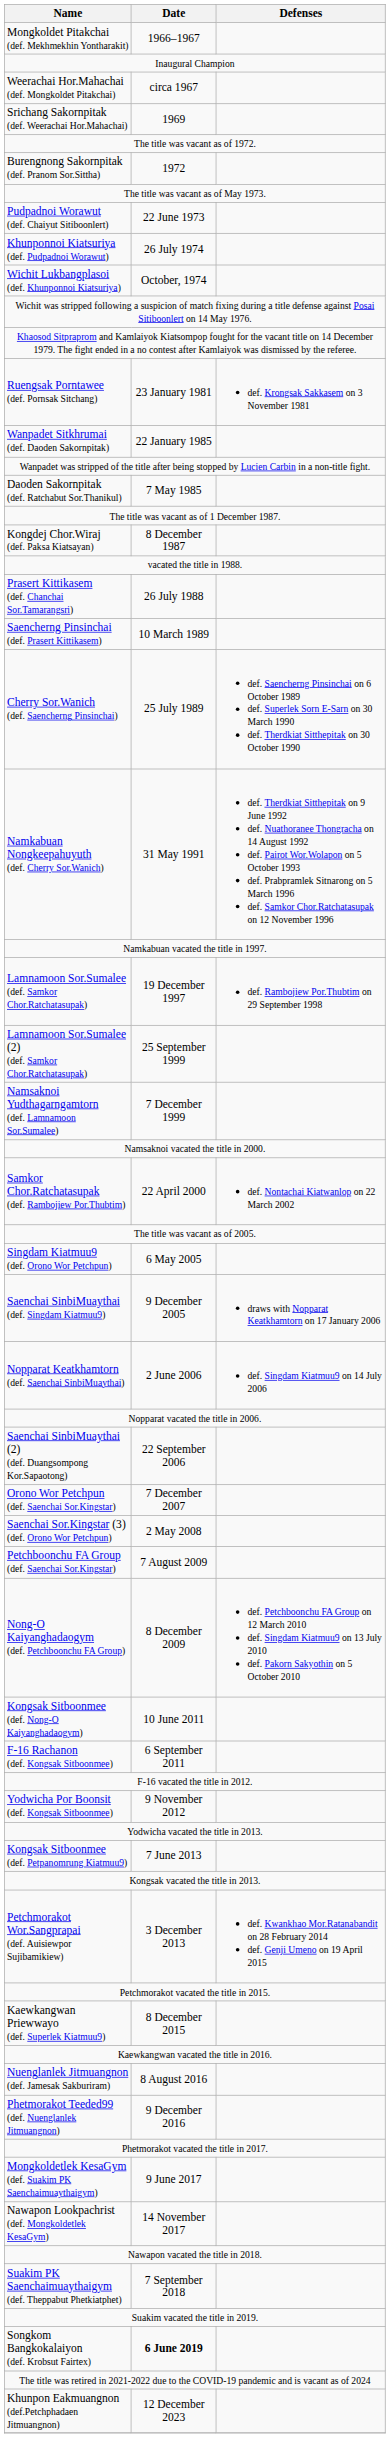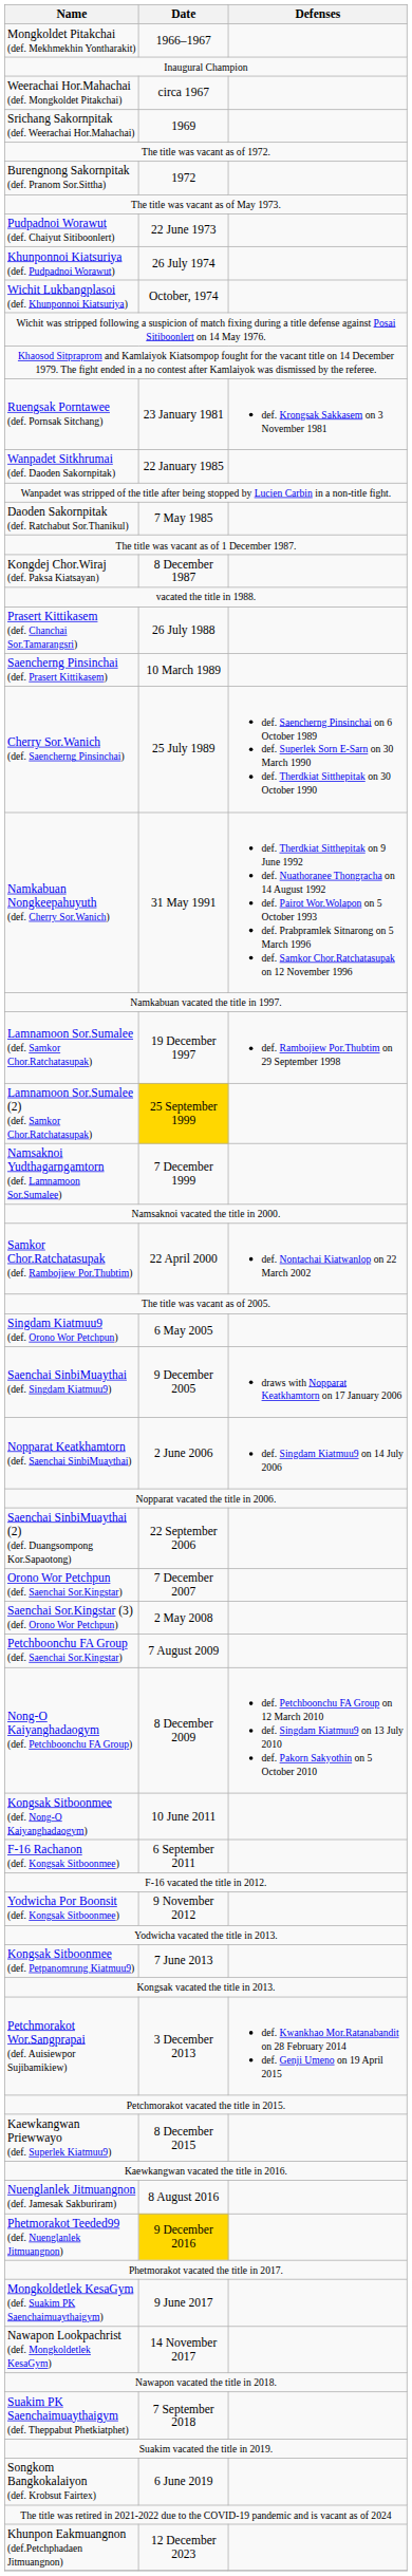 <table class="wikitable" width=60%>
 <tr>
 <th width=30%>Name</th>
 <th width=20%>Date</th>
 <th width=40%>Defenses</th>
 </tr>
 <tr>
 <td align=left> Mongkoldet Pitakchai <br><small>(def. Mekhmekhin Yontharakit)</small></td>
 <td align=center>1966–1967</td>
 <td></td>
 </tr>
 <tr>
 <td colspan=4 align=center><small>Inaugural Champion</small></td>
 </tr>
 <tr>
 <td align=left> Weerachai Hor.Mahachai <br><small>(def. Mongkoldet Pitakchai)</small></td>
 <td align=center>circa 1967</td>
 <td></td>
 </tr>
 <tr>
 <td align=left> Srichang Sakornpitak <br><small>(def. Weerachai Hor.Mahachai)</small></td>
 <td align=center>1969</td>
 <td></td>
 </tr>
 <tr>
 <td colspan=4 align=center><small>The title was vacant as of 1972.</small></td>
 </tr>
 <tr>
 <td align=left> Burengnong Sakornpitak <br><small>(def. Pranom Sor.Sittha)</small></td>
 <td align=center>1972</td>
 <td></td>
 </tr>
 <tr>
 <td colspan=4 align=center><small>The title was vacant as of May 1973.</small></td>
 </tr>
 <tr>
 <td align=left> <a href='#'>Pudpadnoi Worawut</a> <br><small>(def. Chaiyut Sitiboonlert)</small></td>
 <td align=center>22 June 1973</td>
 <td></td>
 </tr>
 <tr>
 <td align=left> <a href='#'>Khunponnoi Kiatsuriya</a> <br><small>(def. <a href='#'>Pudpadnoi Worawut</a>)</small></td>
 <td align=center>26 July 1974</td>
 <td></td>
 </tr>
 <tr>
 <td align=left> <a href='#'>Wichit Lukbangplasoi</a> <br><small>(def. <a href='#'>Khunponnoi Kiatsuriya</a>)</small></td>
 <td align=center>October, 1974</td>
 <td></td>
 </tr>
 <tr>
 <td colspan=4 align=center><small>Wichit was stripped following a suspicion of match fixing during a title defense against <a href='#'>Posai Sitiboonlert</a> on 14 May 1976.</small></td>
 </tr>
 <tr>
 <td colspan=4 align=center><small><a href='#'>Khaosod Sitpraprom</a> and Kamlaiyok Kiatsompop fought for the vacant title on 14 December 1979. The fight ended in a no contest after Kamlaiyok was dismissed by the referee.</small></td>
 </tr>
 <tr>
 <td align=left> <a href='#'>Ruengsak Porntawee</a> <br><small>(def. Pornsak Sitchang)</small></td>
 <td align=center>23 January 1981</td>
 <td><br><ul><li><small>def. <a href='#'>Krongsak Sakkasem</a> on 3 November 1981</small></li></ul></td>
 </tr>
 <tr>
 <td align=left> <a href='#'>Wanpadet Sitkhrumai</a> <br><small>(def. Daoden Sakornpitak)</small></td>
 <td align=center>22 January 1985</td>
 <td></td>
 </tr>
 <tr>
 <td colspan=4 align=center><small>Wanpadet was stripped of the title after being stopped by <a href='#'>Lucien Carbin</a> in a non-title fight.</small></td>
 </tr>
 <tr>
 <td align=left> Daoden Sakornpitak <br><small>(def. Ratchabut Sor.Thanikul)</small></td>
 <td align=center>7 May 1985</td>
 <td></td>
 </tr>
 <tr>
 <td colspan=4 align=center><small>The title was vacant as of 1 December 1987.</small></td>
 </tr>
 <tr>
 <td align=left> Kongdej Chor.Wiraj <br><small>(def. Paksa Kiatsayan)</small></td>
 <td align=center>8 December 1987</td>
 <td></td>
 </tr>
 <tr>
 <td colspan=4 align=center><small> vacated the title in 1988.</small></td>
 </tr>
 <tr>
 <td align=left> <a href='#'>Prasert Kittikasem</a> <br><small>(def. <a href='#'>Chanchai Sor.Tamarangsri</a>)</small></td>
 <td align=center>26 July 1988</td>
 <td></td>
 </tr>
 <tr>
 <td align=left> <a href='#'>Saencherng Pinsinchai</a> <br><small>(def. <a href='#'>Prasert Kittikasem</a>)</small></td>
 <td align=center>10 March 1989</td>
 <td></td>
 </tr>
 <tr>
 <td align=left> <a href='#'>Cherry Sor.Wanich</a> <br><small>(def. <a href='#'>Saencherng Pinsinchai</a>)</small></td>
 <td align=center>25 July 1989</td>
 <td><br><ul><li><small>def. <a href='#'>Saencherng Pinsinchai</a> on 6 October 1989</small></li><li><small>def. <a href='#'>Superlek Sorn E-Sarn</a> on 30 March 1990</small></li><li><small>def. <a href='#'>Therdkiat Sitthepitak</a> on 30 October 1990</small></li></ul></td>
 </tr>
 <tr>
 <td align=left> <a href='#'>Namkabuan Nongkeepahuyuth</a> <br><small>(def. <a href='#'>Cherry Sor.Wanich</a>)</small></td>
 <td align=center>31 May 1991</td>
 <td><br><ul><li><small>def. <a href='#'>Therdkiat Sitthepitak</a> on 9 June 1992</small></li><li><small>def. <a href='#'>Nuathoranee Thongracha</a> on 14 August 1992</small></li><li><small>def. <a href='#'>Pairot Wor.Wolapon</a> on 5 October 1993</small></li><li><small>def. Prabpramlek Sitnarong on 5 March 1996</small></li><li><small>def. <a href='#'>Samkor Chor.Ratchatasupak</a> on 12 November 1996</small></li></ul></td>
 </tr>
 <tr>
 <td colspan=4 align=center><small>Namkabuan vacated the title in 1997.</small></td>
 </tr>
 <tr>
 <td align=left> <a href='#'>Lamnamoon Sor.Sumalee</a> <br><small>(def. <a href='#'>Samkor Chor.Ratchatasupak</a>)</small></td>
 <td align=center>19 December 1997</td>
 <td><br><ul><li><small>def. <a href='#'>Rambojiew Por.Thubtim</a> on 29 September 1998</small></li></ul></td>
 </tr>
 <tr>
 <td align=left> <a href='#'>Lamnamoon Sor.Sumalee</a> (2) <br><small>(def. <a href='#'>Samkor Chor.Ratchatasupak</a>)</small></td>
-<td align=center>25 September 1999</td>
+<td align=center style="background: gold;">25 September 1999</td>
 <td></td>
 </tr>
 <tr>
 <td align=left> <a href='#'>Namsaknoi Yudthagarngamtorn</a> <br><small>(def. <a href='#'>Lamnamoon Sor.Sumalee</a>)</small></td>
 <td align=center>7 December 1999</td>
 <td></td>
 </tr>
 <tr>
 <td colspan=4 align=center><small>Namsaknoi vacated the title in 2000.</small></td>
 </tr>
 <tr>
 <td align=left> <a href='#'>Samkor Chor.Ratchatasupak</a> <br><small>(def. <a href='#'>Rambojiew Por.Thubtim</a>)</small></td>
 <td align=center>22 April 2000</td>
 <td><br><ul><li><small>def. <a href='#'>Nontachai Kiatwanlop</a> on 22 March 2002</small></li></ul></td>
 </tr>
 <tr>
 <td colspan=4 align=center><small>The title was vacant as of 2005.</small></td>
 </tr>
 <tr>
 <td align=left> <a href='#'>Singdam Kiatmuu9</a> <br><small>(def. <a href='#'>Orono Wor Petchpun</a>)</small></td>
 <td align=center>6 May 2005</td>
 <td></td>
 </tr>
 <tr>
 <td align=left> <a href='#'>Saenchai SinbiMuaythai</a> <br><small>(def. <a href='#'>Singdam Kiatmuu9</a>)</small></td>
 <td align=center>9 December 2005</td>
 <td><br><ul><li><small>draws with <a href='#'>Nopparat Keatkhamtorn</a> on 17 January 2006</small></li></ul></td>
 </tr>
 <tr>
 <td align=left> <a href='#'>Nopparat Keatkhamtorn</a> <br><small>(def. <a href='#'>Saenchai SinbiMuaythai</a>)</small></td>
 <td align=center>2 June 2006</td>
 <td><br><ul><li><small>def. <a href='#'>Singdam Kiatmuu9</a> on 14 July 2006</small></li></ul></td>
 </tr>
 <tr>
 <td colspan=4 align=center><small>Nopparat vacated the title in 2006.</small></td>
 </tr>
 <tr>
 <td align=left> <a href='#'>Saenchai SinbiMuaythai</a> (2)<br><small>(def. Duangsompong Kor.Sapaotong)</small></td>
 <td align=center>22 September 2006</td>
 <td></td>
 </tr>
 <tr>
 <td align=left> <a href='#'>Orono Wor Petchpun</a> <br><small>(def. <a href='#'>Saenchai Sor.Kingstar</a>)</small></td>
 <td align=center>7 December 2007</td>
 <td></td>
 </tr>
 <tr>
 <td align=left> <a href='#'>Saenchai Sor.Kingstar</a> (3)<br><small>(def. <a href='#'>Orono Wor Petchpun</a>)</small></td>
 <td align=center>2 May 2008</td>
 <td></td>
 </tr>
 <tr>
 <td align=left> <a href='#'>Petchboonchu FA Group</a> <br><small>(def. <a href='#'>Saenchai Sor.Kingstar</a>)</small></td>
 <td align=center>7 August 2009</td>
 <td></td>
 </tr>
 <tr>
 <td align=left> <a href='#'>Nong-O Kaiyanghadaogym</a> <br><small>(def. <a href='#'>Petchboonchu FA Group</a>)</small></td>
 <td align=center>8 December 2009</td>
 <td><br><ul><li><small>def. <a href='#'>Petchboonchu FA Group</a> on 12 March 2010</small></li><li><small>def. <a href='#'>Singdam Kiatmuu9</a> on 13 July 2010</small></li><li><small>def. <a href='#'>Pakorn Sakyothin</a> on 5 October 2010</small></li></ul></td>
 </tr>
 <tr>
 <td align=left> <a href='#'>Kongsak Sitboonmee</a> <br><small>(def. <a href='#'>Nong-O Kaiyanghadaogym</a>)</small></td>
 <td align=center>10 June 2011</td>
 <td></td>
 </tr>
 <tr>
 <td align=left> <a href='#'>F-16 Rachanon</a> <br><small>(def. <a href='#'>Kongsak Sitboonmee</a>)</small></td>
 <td align=center>6 September 2011</td>
 <td></td>
 </tr>
 <tr>
 <td colspan=4 align=center><small>F-16 vacated the title in 2012.</small></td>
 </tr>
 <tr>
 <td align=left> <a href='#'>Yodwicha Por Boonsit</a> <br><small>(def. <a href='#'>Kongsak Sitboonmee</a>)</small></td>
 <td align=center>9 November 2012</td>
 <td></td>
 </tr>
 <tr>
 <td colspan=4 align=center><small>Yodwicha vacated the title in 2013.</small></td>
 </tr>
 <tr>
 <td align=left> <a href='#'>Kongsak Sitboonmee</a> <br><small>(def. <a href='#'>Petpanomrung Kiatmuu9</a>)</small></td>
 <td align=center>7 June 2013</td>
 <td></td>
 </tr>
 <tr>
 <td colspan=4 align=center><small>Kongsak vacated the title in 2013.</small></td>
 </tr>
 <tr>
 <td align=left> <a href='#'>Petchmorakot Wor.Sangprapai</a> <br><small>(def. Auisiewpor Sujibamikiew)</small></td>
 <td align=center>3 December 2013</td>
 <td><br><ul><li><small>def. <a href='#'>Kwankhao Mor.Ratanabandit</a> on 28 February 2014</small></li><li><small>def. <a href='#'>Genji Umeno</a> on 19 April 2015</small></li></ul></td>
 </tr>
 <tr>
 <td colspan=4 align=center><small>Petchmorakot vacated the title in 2015.</small></td>
 </tr>
 <tr>
 <td align=left> Kaewkangwan Priewwayo <br><small>(def. <a href='#'>Superlek Kiatmuu9</a>)</small></td>
 <td align=center>8 December 2015</td>
 <td></td>
 </tr>
 <tr>
 <td colspan=4 align=center><small>Kaewkangwan vacated the title in 2016.</small></td>
 </tr>
 <tr>
 <td align=left> <a href='#'>Nuenglanlek Jitmuangnon</a> <br><small>(def. Jamesak Sakburiram)</small></td>
 <td align=center>8 August 2016</td>
 <td></td>
 </tr>
 <tr>
 <td align=left> <a href='#'>Phetmorakot Teeded99</a> <br><small>(def. <a href='#'>Nuenglanlek Jitmuangnon</a>)</small></td>
-<td align=center>9 December 2016</td>
+<td align=center style="background: gold;">9 December 2016</td>
 <td></td>
 </tr>
 <tr>
 <td colspan=4 align=center><small>Phetmorakot vacated the title in 2017.</small></td>
 </tr>
 <tr>
 <td align=left> <a href='#'>Mongkoldetlek KesaGym</a> <br><small>(def. <a href='#'>Suakim PK Saenchaimuaythaigym</a>)</small></td>
 <td align=center>9 June 2017</td>
 <td></td>
 </tr>
 <tr>
 <td align=left> Nawapon Lookpachrist<br><small>(def. <a href='#'>Mongkoldetlek KesaGym</a>)</small></td>
 <td align=center>14 November 2017</td>
 <td></td>
 </tr>
 <tr>
 <td colspan=4 align=center><small>Nawapon vacated the title in 2018.</small></td>
 </tr>
 <tr>
 <td align=left> <a href='#'>Suakim PK Saenchaimuaythaigym</a><br><small>(def. Theppabut Phetkiatphet)</small></td>
 <td align=center>7 September 2018</td>
 <td></td>
 </tr>
 <tr>
 <td colspan=4 align=center><small>Suakim vacated the title in 2019.</small></td>
 </tr>
 <tr>
 <td align=left> Songkom Bangkokalaiyon<br><small>(def. Krobsut Fairtex)</small></td>
-<td align=center><strong>6 June 2019</strong></td>
+<td align=center>6 June 2019</td>
 <td></td>
 </tr>
 <tr>
 <td colspan=4 align=center><small>The title was retired in 2021-2022 due to the COVID-19 pandemic and is vacant as of 2024</small></td>
 </tr>
 <tr>
 <td align=left> Khunpon Eakmuangnon<br><small>(def.Petchphadaen Jitmuangnon)</small></td>
 <td align=center>12 December 2023</td>
 <td></td>
 </tr>
 <tr>
 </tr>
 </table>
